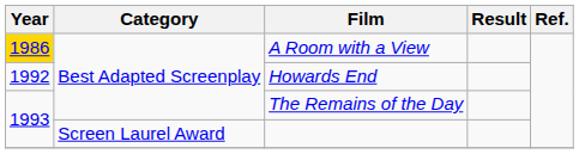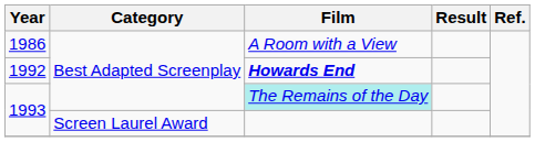 <table class="wikitable plainrowheaders sortable">
 <tr>
 <th>Year</th>
 <th>Category</th>
 <th>Film</th>
 <th>Result</th>
 <th>Ref.</th>
 </tr>
 <tr>
-<td style="background: gold;"><a href='#'>1986</a></td>
+<td><a href='#'>1986</a></td>
 <td rowspan=3><a href='#'>Best Adapted Screenplay</a></td>
 <td><em><a href='#'>A Room with a View</a></em></td>
 <td></td>
 <td rowspan=4></td>
 </tr>
 <tr>
 <td><a href='#'>1992</a></td>
-<td><em><a href='#'>Howards End</a></em></td>
+<td><strong><em><a href='#'>Howards End</a></em></strong></td>
 <td></td>
 </tr>
 <tr>
 <td rowspan=2><a href='#'>1993</a></td>
-<td><em><a href='#'>The Remains of the Day</a></em></td>
+<td style="background: paleturquoise;"><em><a href='#'>The Remains of the Day</a></em></td>
 <td></td>
 </tr>
 <tr>
 <td><a href='#'>Screen Laurel Award</a></td>
 <td></td>
 <td></td>
 </tr>
 <tr>
 </tr>
 </table>
